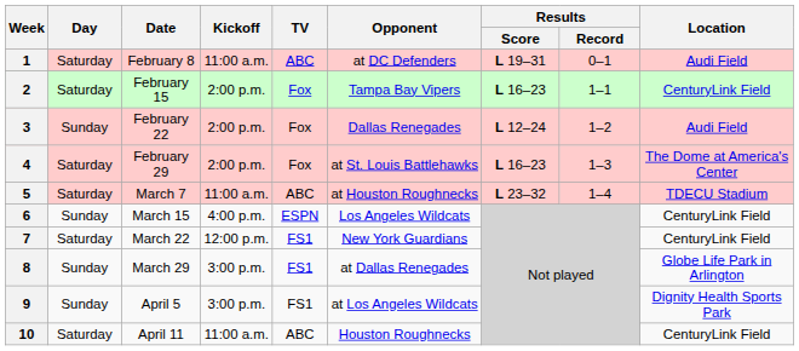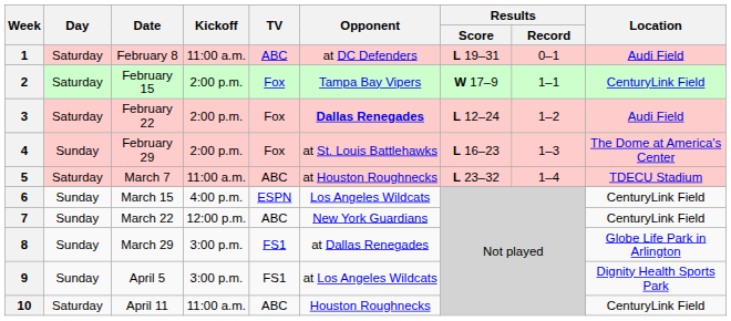 <table class="wikitable" style="text-align:center; font-size: 95%;">
 <tr>
 <th rowspan="2" width="40">Week</th>
 <th rowspan="2" width="80">Day</th>
 <th rowspan="2" width="90">Date</th>
 <th rowspan="2" width="60">Kickoff</th>
 <th rowspan="2" width="60">TV</th>
 <th rowspan="2" width="200">Opponent</th>
 <th colspan="2" width="200">Results</th>
 <th rowspan="2" width="200">Location</th>
 </tr>
 <tr>
 <th width="60">Score</th>
 <th width="60">Record</th>
 </tr>
 <tr bgcolor=#ffcccc>
 <th>1</th>
 <td>Saturday</td>
 <td>February 8</td>
 <td>11:00 a.m.</td>
 <td><a href='#'>ABC</a></td>
 <td>at <a href='#'>DC Defenders</a></td>
 <td><strong>L</strong> 19–31</td>
 <td>0–1</td>
 <td><a href='#'>Audi Field</a></td>
 </tr>
 <tr bgcolor=#ccffcc>
 <th>2</th>
 <td>Saturday</td>
 <td>February 15</td>
 <td>2:00 p.m.</td>
 <td><a href='#'>Fox</a></td>
 <td><a href='#'>Tampa Bay Vipers</a></td>
-<td><strong>L</strong> 16–23</td>
+<td><strong>W</strong> 17–9</td>
 <td>1–1</td>
 <td><a href='#'>CenturyLink Field</a></td>
 </tr>
 <tr bgcolor=#ffcccc>
 <th>3</th>
-<td>Sunday</td>
+<td>Saturday</td>
 <td>February 22</td>
 <td>2:00 p.m.</td>
 <td>Fox</td>
-<td><a href='#'>Dallas Renegades</a></td>
+<td><strong><a href='#'>Dallas Renegades</a></strong></td>
 <td><strong>L</strong> 12–24</td>
 <td>1–2</td>
 <td><a href='#'>Audi Field</a></td>
 </tr>
 <tr bgcolor=#ffcccc>
 <th>4</th>
-<td>Saturday</td>
+<td>Sunday</td>
 <td>February 29</td>
 <td>2:00 p.m.</td>
 <td>Fox</td>
 <td>at <a href='#'>St. Louis Battlehawks</a></td>
 <td><strong>L</strong> 16–23</td>
 <td>1–3</td>
 <td><a href='#'>The Dome at America's Center</a></td>
 </tr>
 <tr bgcolor=#ffcccc>
 <th>5</th>
 <td>Saturday</td>
 <td>March 7</td>
 <td>11:00 a.m.</td>
 <td>ABC</td>
 <td>at <a href='#'>Houston Roughnecks</a></td>
 <td><strong>L</strong> 23–32</td>
 <td>1–4</td>
 <td><a href='#'>TDECU Stadium</a></td>
 </tr>
 <tr bgcolor=>
 <th>6</th>
 <td>Sunday</td>
 <td>March 15</td>
 <td>4:00 p.m.</td>
 <td><a href='#'>ESPN</a></td>
 <td><a href='#'>Los Angeles Wildcats</a></td>
 <td colspan=2 rowspan=5 bgcolor=lightgrey>Not played</td>
 <td>CenturyLink Field</td>
 </tr>
 <tr bgcolor=>
 <th>7</th>
-<td>Saturday</td>
+<td>Sunday</td>
 <td>March 22</td>
 <td>12:00 p.m.</td>
-<td><a href='#'>FS1</a></td>
+<td>ABC</td>
 <td><a href='#'>New York Guardians</a></td>
 <td>CenturyLink Field</td>
 </tr>
 <tr bgcolor=>
 <th>8</th>
 <td>Sunday</td>
 <td>March 29</td>
 <td>3:00 p.m.</td>
 <td><a href='#'>FS1</a></td>
 <td>at <a href='#'>Dallas Renegades</a></td>
 <td><a href='#'>Globe Life Park in Arlington</a></td>
 </tr>
 <tr bgcolor=>
 <th>9</th>
 <td>Sunday</td>
 <td>April 5</td>
 <td>3:00 p.m.</td>
 <td>FS1</td>
 <td>at <a href='#'>Los Angeles Wildcats</a></td>
 <td><a href='#'>Dignity Health Sports Park</a></td>
 </tr>
 <tr bgcolor=>
 <th>10</th>
 <td>Saturday</td>
 <td>April 11</td>
 <td>11:00 a.m.</td>
 <td>ABC</td>
 <td><a href='#'>Houston Roughnecks</a></td>
 <td>CenturyLink Field</td>
 </tr>
 </table>
